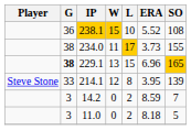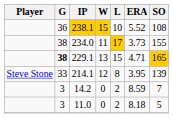 <table class="wikitable sortable" style="text-align:center;">
 <tr>
 <th>Player</th>
 <th>G</th>
 <th>IP</th>
 <th>W</th>
 <th>L</th>
 <th>ERA</th>
 <th>SO</th>
 </tr>
 <tr>
 <td></td>
 <td>36</td>
 <td style="background:#fc0;">238.1</td>
 <td style="background:#fc0;">15</td>
 <td>10</td>
 <td>5.52</td>
 <td>108</td>
 </tr>
 <tr>
 <td></td>
 <td>38</td>
 <td>234.0</td>
 <td>11</td>
 <td style="background:#fc0;">17</td>
 <td>3.73</td>
 <td>155</td>
 </tr>
 <tr>
 <td></td>
 <td><strong>38</strong></td>
 <td>229.1</td>
 <td>13</td>
 <td>15</td>
-<td>6.96</td>
+<td>4.71</td>
 <td style="background:#fc0;">165</td>
 </tr>
 <tr>
 <td><a href='#'>Steve Stone</a></td>
 <td>33</td>
 <td>214.1</td>
 <td>12</td>
 <td>8</td>
 <td>3.95</td>
 <td>139</td>
 </tr>
 <tr>
 <td></td>
 <td>3</td>
 <td>14.2</td>
 <td>0</td>
 <td>2</td>
 <td>8.59</td>
 <td>7</td>
 </tr>
 <tr>
 <td></td>
 <td>3</td>
 <td>11.0</td>
 <td>0</td>
 <td>2</td>
 <td>8.18</td>
 <td>5</td>
 </tr>
 <tr>
 </tr>
 </table>
